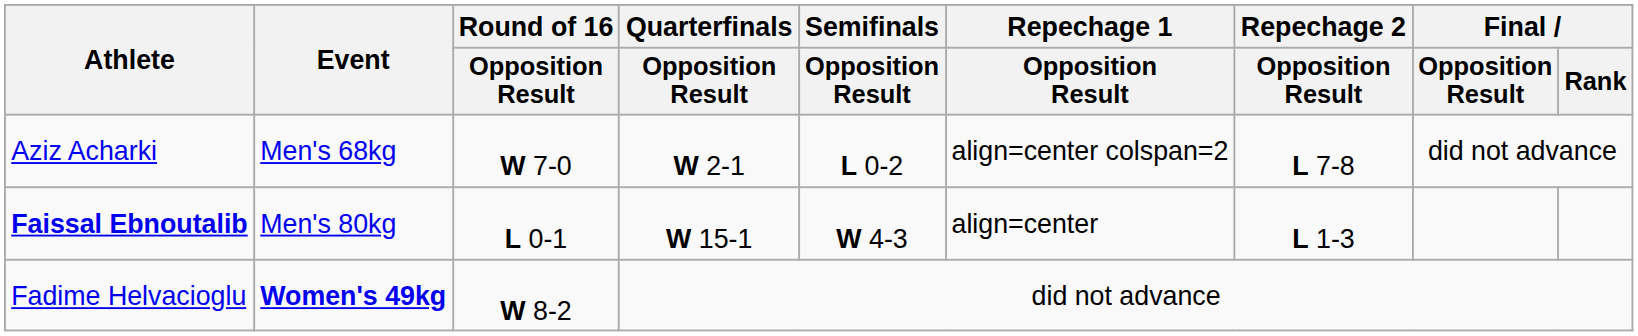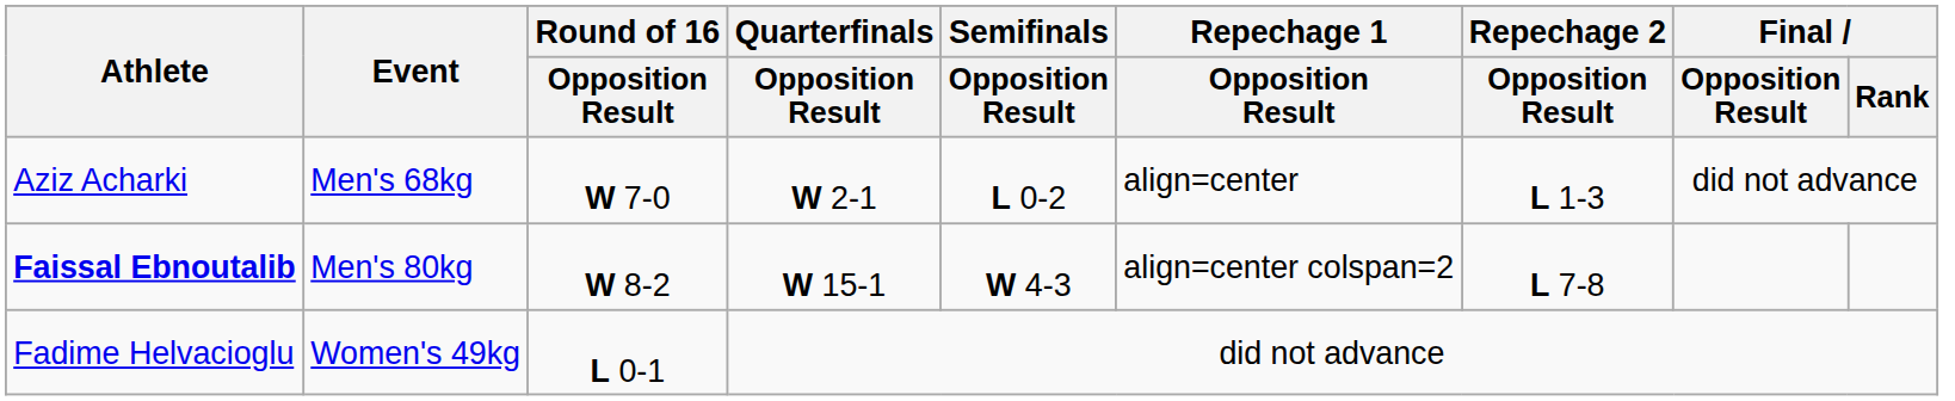 <table class="wikitable" style="font-size:90%;">
 <tr>
 <th rowspan=2>Athlete</th>
 <th rowspan=2>Event</th>
 <th>Round of 16</th>
 <th>Quarterfinals</th>
 <th>Semifinals</th>
 <th>Repechage 1</th>
 <th>Repechage 2</th>
 <th colspan=2>Final / </th>
 </tr>
 <tr style="font-size:95%">
 <th>Opposition<br>Result</th>
 <th>Opposition<br>Result</th>
 <th>Opposition<br>Result</th>
 <th>Opposition<br>Result</th>
 <th>Opposition<br>Result</th>
 <th>Opposition<br>Result</th>
 <th>Rank</th>
 </tr>
 <tr>
 <td align=left><a href='#'>Aziz Acharki</a></td>
 <td align=left><a href='#'>Men's 68kg</a></td>
 <td align=center><br><strong>W</strong> 7-0</td>
 <td align=center><br><strong>W</strong> 2-1</td>
 <td align=center><br><strong>L</strong> 0-2</td>
-<td>align=center colspan=2 </td>
-<td align=center><br><strong>L</strong> 7-8</td>
+<td>align=center </td>
+<td align=center><br><strong>L</strong> 1-3</td>
 <td align=center colspan=2>did not advance</td>
 </tr>
 <tr>
 <td align=left><strong><a href='#'>Faissal Ebnoutalib</a></strong></td>
 <td align=left><a href='#'>Men's 80kg</a></td>
-<td align=center><br><strong>L</strong> 0-1</td>
+<td align=center><br><strong>W</strong> 8-2</td>
 <td align=center><br><strong>W</strong> 15-1</td>
 <td align=center><br><strong>W</strong> 4-3</td>
-<td>align=center </td>
-<td align=center><br><strong>L</strong> 1-3</td>
+<td>align=center colspan=2 </td>
+<td align=center><br><strong>L</strong> 7-8</td>
 <td align=center></td>
 </tr>
 <tr>
 <td align=left><a href='#'>Fadime Helvacioglu</a></td>
-<td align=left><strong><a href='#'>Women's 49kg</a></strong></td>
-<td align=center><br><strong>W</strong> 8-2</td>
+<td align=left><a href='#'>Women's 49kg</a></td>
+<td align=center><br><strong>L</strong> 0-1</td>
 <td align=center colspan=6>did not advance</td>
 </tr>
 </table>
